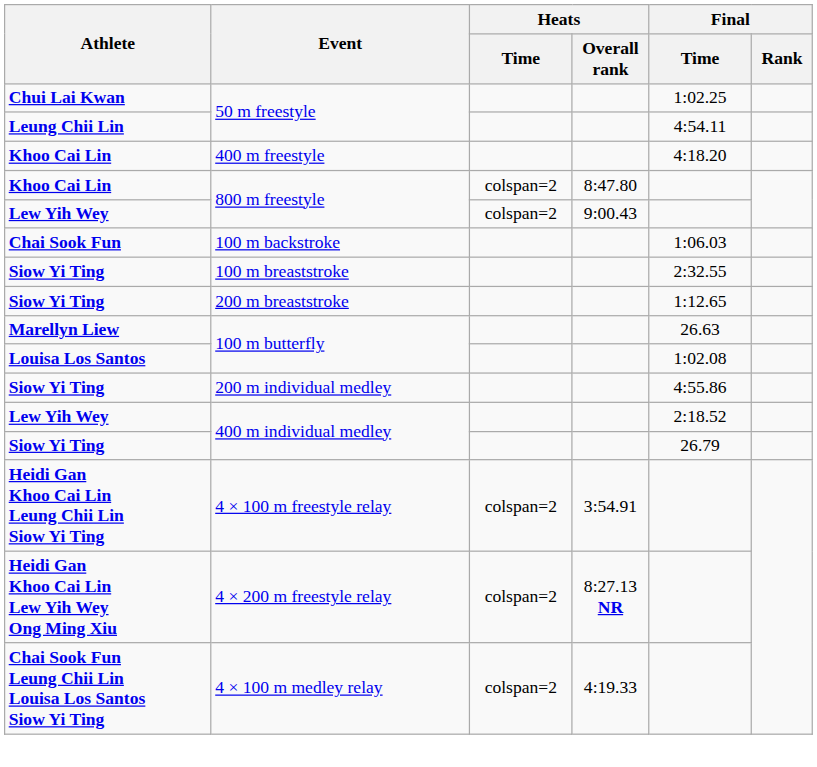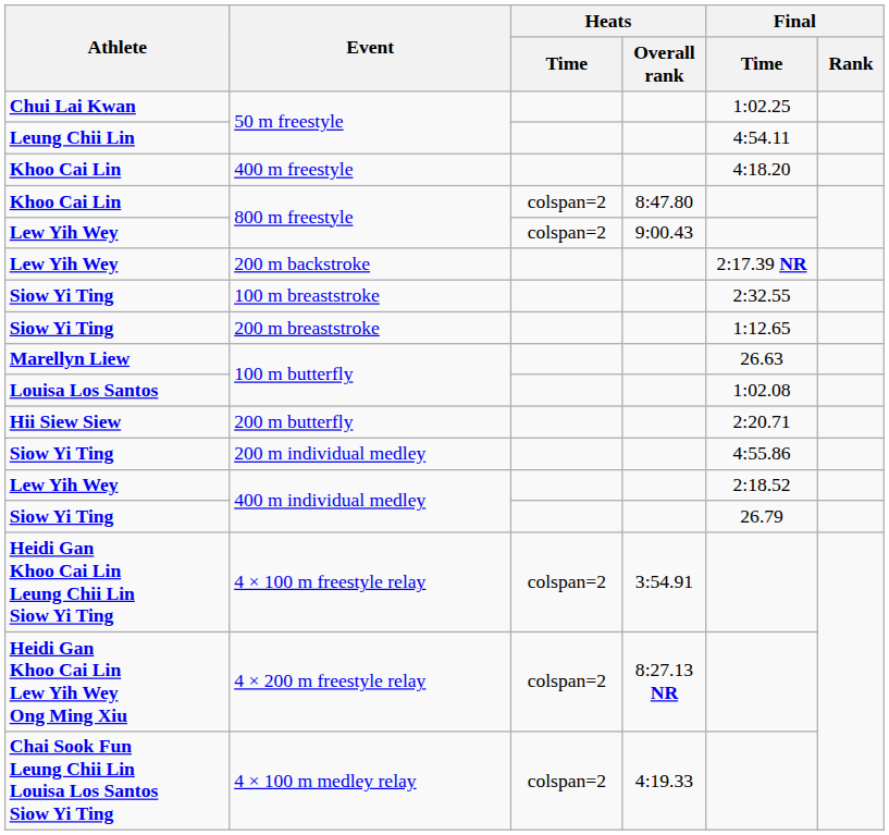 <table class="wikitable" width="75%" style="text-align:center; font-size:90%">
 <tr>
 <th rowspan="2" width="20%">Athlete</th>
 <th rowspan="2" width="25%">Event</th>
 <th colspan="2" width="15%">Heats</th>
 <th colspan="2" width="15%">Final</th>
 </tr>
 <tr>
 <th width="10%">Time</th>
 <th>Overall rank</th>
 <th width="10%">Time</th>
 <th>Rank</th>
 </tr>
 <tr>
 <td align=left><strong><a href='#'>Chui Lai Kwan</a></strong></td>
 <td rowspan=2 align=left><a href='#'>50 m freestyle</a></td>
 <td></td>
 <td></td>
 <td>1:02.25</td>
 <td></td>
 </tr>
 <tr>
 <td align=left><strong><a href='#'>Leung Chii Lin</a></strong></td>
 <td></td>
 <td></td>
 <td>4:54.11</td>
 <td></td>
 </tr>
 <tr>
 <td align=left><strong><a href='#'>Khoo Cai Lin</a></strong></td>
 <td align=left><a href='#'>400 m freestyle</a></td>
 <td></td>
 <td></td>
 <td>4:18.20</td>
 <td></td>
 </tr>
 <tr>
 <td align=left><strong><a href='#'>Khoo Cai Lin</a></strong></td>
 <td rowspan=2 align=left><a href='#'>800 m freestyle</a></td>
 <td>colspan=2 </td>
 <td>8:47.80</td>
 <td></td>
 </tr>
 <tr>
 <td align=left><strong><a href='#'>Lew Yih Wey</a></strong></td>
 <td>colspan=2 </td>
 <td>9:00.43</td>
 <td></td>
 </tr>
 <tr>
-<td align=left><strong><a href='#'>Chai Sook Fun</a></strong></td>
-<td align=left><a href='#'>100 m backstroke</a></td>
+<td align=left><strong><a href='#'>Lew Yih Wey</a></strong></td>
+<td align=left><a href='#'>200 m backstroke</a></td>
 <td></td>
 <td></td>
-<td>1:06.03</td>
+<td>2:17.39 <strong><a href='#'>NR</a></strong></td>
 <td></td>
 </tr>
 <tr>
 <td align=left><strong><a href='#'>Siow Yi Ting</a></strong></td>
 <td align=left><a href='#'>100 m breaststroke</a></td>
 <td></td>
 <td></td>
 <td>2:32.55</td>
 <td></td>
 </tr>
 <tr>
 <td align=left><strong><a href='#'>Siow Yi Ting</a></strong></td>
 <td align=left><a href='#'>200 m breaststroke</a></td>
 <td></td>
 <td></td>
 <td>1:12.65</td>
 <td></td>
 </tr>
 <tr>
 <td align=left><strong><a href='#'>Marellyn Liew</a></strong></td>
 <td rowspan=2 align=left><a href='#'>100 m butterfly</a></td>
 <td></td>
 <td></td>
 <td>26.63</td>
 <td></td>
 </tr>
 <tr>
 <td align=left><strong><a href='#'>Louisa Los Santos</a></strong></td>
 <td></td>
 <td></td>
 <td>1:02.08</td>
+<td></td>
+</tr>
+<tr>
+<td align=left><strong><a href='#'>Hii Siew Siew</a></strong></td>
+<td align=left><a href='#'>200 m butterfly</a></td>
+<td></td>
+<td></td>
+<td>2:20.71</td>
 <td></td>
 </tr>
 <tr>
 <td align=left><strong><a href='#'>Siow Yi Ting</a></strong></td>
 <td align=left><a href='#'>200 m individual medley</a></td>
 <td></td>
 <td></td>
 <td>4:55.86</td>
 <td></td>
 </tr>
 <tr>
 <td align=left><strong><a href='#'>Lew Yih Wey</a></strong></td>
 <td rowspan=2 align=left><a href='#'>400 m individual medley</a></td>
 <td></td>
 <td></td>
 <td>2:18.52</td>
 <td></td>
 </tr>
 <tr>
 <td align=left><strong><a href='#'>Siow Yi Ting</a></strong></td>
 <td></td>
 <td></td>
 <td>26.79</td>
 <td></td>
 </tr>
 <tr>
 <td align=left><strong><a href='#'>Heidi Gan</a><br><a href='#'>Khoo Cai Lin</a><br><a href='#'>Leung Chii Lin</a><br><a href='#'>Siow Yi Ting</a></strong></td>
 <td align=left><a href='#'>4 × 100 m freestyle relay</a></td>
 <td>colspan=2 </td>
 <td>3:54.91</td>
 <td></td>
 </tr>
 <tr>
 <td align=left><strong><a href='#'>Heidi Gan</a><br><a href='#'>Khoo Cai Lin</a><br><a href='#'>Lew Yih Wey</a><br><a href='#'>Ong Ming Xiu</a></strong></td>
 <td align=left><a href='#'>4 × 200 m freestyle relay</a></td>
 <td>colspan=2 </td>
 <td>8:27.13 <strong><a href='#'>NR</a></strong></td>
 <td></td>
 </tr>
 <tr>
 <td align=left><strong><a href='#'>Chai Sook Fun</a><br><a href='#'>Leung Chii Lin</a><br><a href='#'>Louisa Los Santos</a><br><a href='#'>Siow Yi Ting</a></strong></td>
 <td align=left><a href='#'>4 × 100 m medley relay</a></td>
 <td>colspan=2 </td>
 <td>4:19.33</td>
 <td></td>
 </tr>
 </table>
